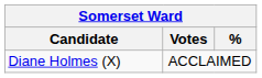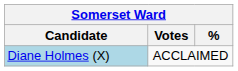 <table class="wikitable">
 <tr>
 <th colspan="3"><a href='#'>Somerset Ward</a></th>
 </tr>
 <tr>
 <th style="width: 170px">Candidate</th>
 <th style="width: 50px">Votes</th>
 <th style="width: 40px">%</th>
 </tr>
 <tr>
-<td><a href='#'>Diane Holmes</a> (X)</td>
+<td style="background: lightblue;"><a href='#'>Diane Holmes</a> (X)</td>
 <td colspan="2" align="center">ACCLAIMED</td>
 </tr>
 </table>
